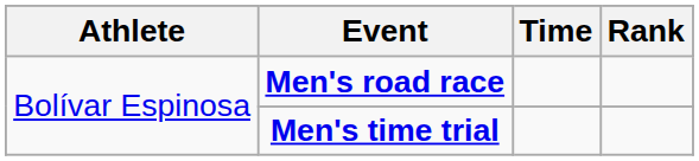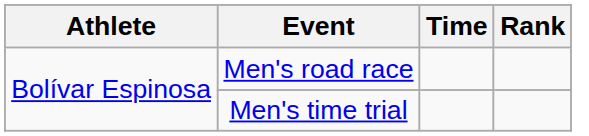 <table class="wikitable" style="font-size:90%">
 <tr>
 <th>Athlete</th>
 <th>Event</th>
 <th>Time</th>
 <th>Rank</th>
 </tr>
 <tr>
 <td rowspan=2><a href='#'>Bolívar Espinosa</a></td>
-<td align=center><strong><a href='#'>Men's road race</a></strong></td>
+<td align=center><a href='#'>Men's road race</a></td>
 <td></td>
 <td></td>
 </tr>
 <tr>
-<td align=center><strong><a href='#'>Men's time trial</a></strong></td>
+<td align=center><a href='#'>Men's time trial</a></td>
 <td></td>
 <td></td>
 </tr>
 </table>
